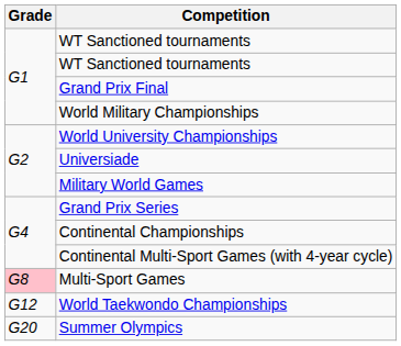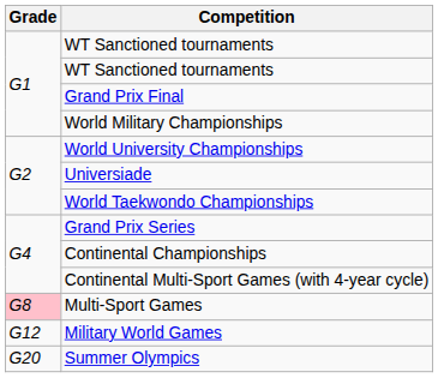 <table class="wikitable">
 <tr>
 <th>Grade</th>
 <th>Competition</th>
 </tr>
 <tr>
 <td rowspan="4"><em>G1</em></td>
 <td>WT Sanctioned tournaments</td>
 </tr>
 <tr>
 <td>WT Sanctioned tournaments</td>
 </tr>
 <tr>
 <td><a href='#'>Grand Prix Final</a></td>
 </tr>
 <tr>
 <td>World Military Championships</td>
 </tr>
 <tr>
 <td rowspan="3"><em>G2</em></td>
 <td><a href='#'>World University Championships</a></td>
 </tr>
 <tr>
 <td><a href='#'>Universiade</a></td>
 </tr>
 <tr>
-<td><a href='#'>Military World Games</a></td>
+<td><a href='#'>World Taekwondo Championships</a></td>
 </tr>
 <tr>
 <td rowspan="3"><em>G4</em></td>
 <td><a href='#'>Grand Prix Series</a></td>
 </tr>
 <tr>
 <td>Continental Championships</td>
 </tr>
 <tr>
 <td>Continental Multi-Sport Games (with 4-year cycle)</td>
 </tr>
 <tr>
 <td style="background: pink;"><em>G8</em></td>
 <td>Multi-Sport Games</td>
 </tr>
 <tr>
 <td><em>G12</em></td>
-<td><a href='#'>World Taekwondo Championships</a></td>
+<td><a href='#'>Military World Games</a></td>
 </tr>
 <tr>
 <td><em>G20</em></td>
 <td><a href='#'>Summer Olympics</a></td>
 </tr>
 </table>
